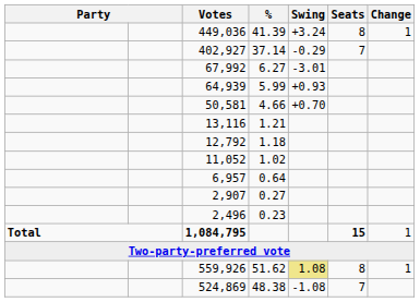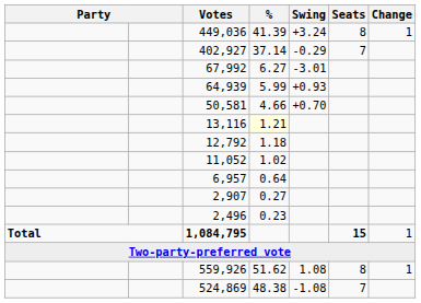 <table class="wikitable">
 <tr>
 <th style="width:200px" colspan=2><strong>Party</strong></th>
 <th style="width:70px; text-align:center;"><strong>Votes</strong></th>
 <th style="width:40px; text-align:center;"><strong>%</strong></th>
 <th style="width:40px; text-align:center;"><strong>Swing</strong></th>
 <th style="width:40px; text-align:center;"><strong>Seats</strong></th>
 <th style="width:40px; text-align:center;"><strong>Change</strong></th>
 </tr>
 <tr>
 <td> </td>
 <td></td>
 <td align=right>449,036</td>
 <td align=right>41.39</td>
 <td align=right>+3.24</td>
 <td align=right>8</td>
 <td align=right> 1</td>
 </tr>
 <tr>
 <td> </td>
 <td></td>
 <td align=right>402,927</td>
 <td align=right>37.14</td>
 <td align=right>-0.29</td>
 <td align=right>7</td>
 <td align=right></td>
 </tr>
 <tr>
 <td> </td>
 <td></td>
 <td align=right>67,992</td>
 <td align=right>6.27</td>
 <td align=right>-3.01</td>
 <td align=right></td>
 <td align=right></td>
 </tr>
 <tr>
 <td> </td>
 <td></td>
 <td align=right>64,939</td>
 <td align=right>5.99</td>
 <td align=right>+0.93</td>
 <td align=right></td>
 <td align=right></td>
 </tr>
 <tr>
 <td> </td>
 <td></td>
 <td align=right>50,581</td>
 <td align=right>4.66</td>
 <td align=right>+0.70</td>
 <td align=right></td>
 <td align=right></td>
 </tr>
 <tr>
 <td> </td>
 <td></td>
 <td align=right>13,116</td>
-<td align=right>1.21</td>
+<td align=right style="background: lightyellow;">1.21</td>
 <td align=right></td>
 <td align=right></td>
 <td align=right></td>
 </tr>
 <tr>
 <td> </td>
 <td></td>
 <td align=right>12,792</td>
 <td align=right>1.18</td>
 <td align=right></td>
 <td align=right></td>
 <td align=right></td>
 </tr>
 <tr>
 <td> </td>
 <td></td>
 <td align=right>11,052</td>
 <td align=right>1.02</td>
 <td align=right></td>
 <td align=right></td>
 <td align=right></td>
 </tr>
 <tr>
 <td> </td>
 <td></td>
 <td align=right>6,957</td>
 <td align=right>0.64</td>
 <td align=right></td>
 <td align=right></td>
 <td align=right></td>
 </tr>
 <tr>
 <td> </td>
 <td></td>
 <td align=right>2,907</td>
 <td align=right>0.27</td>
 <td align=right></td>
 <td align=right></td>
 <td align=right></td>
 </tr>
 <tr>
 <td> </td>
 <td></td>
 <td align=right>2,496</td>
 <td align=right>0.23</td>
 <td align=right></td>
 <td align=right></td>
 <td align=right></td>
 </tr>
 <tr>
 <td colspan="2" align="left"><strong>Total</strong></td>
 <td align=right><strong>1,084,795</strong></td>
 <td align=right></td>
 <td align=right></td>
 <td align=right><strong>15</strong></td>
 <td align=right> 1</td>
 </tr>
 <tr>
 <td colspan="8" style="text-align:center; background:#eee;"><strong><a href='#'>Two-party-preferred vote</a></strong></td>
 </tr>
 <tr>
 <td> </td>
 <td></td>
 <td align=right>559,926</td>
 <td align=right>51.62</td>
-<td align=right style="background: khaki;">1.08</td>
+<td align=right>1.08</td>
 <td align=right>8</td>
 <td align=right> 1</td>
 </tr>
 <tr>
 <td> </td>
 <td></td>
 <td align=right>524,869</td>
 <td align=right>48.38</td>
 <td align=right>-1.08</td>
 <td align=right>7</td>
 <td align=right></td>
 </tr>
 </table>
